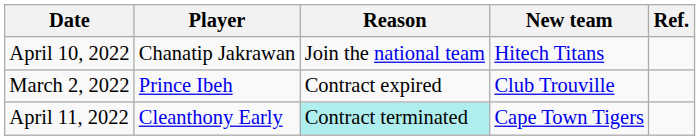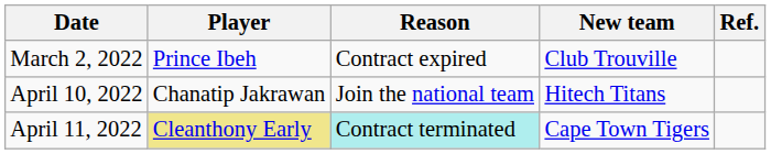 <table class="wikitable">
 <tr>
 <th>Date</th>
 <th>Player</th>
 <th>Reason</th>
 <th>New team</th>
 <th>Ref.</th>
 </tr>
 <tr>
+<td>March 2, 2022</td>
+<td><a href='#'>Prince Ibeh</a></td>
+<td>Contract expired</td>
+<td> <a href='#'>Club Trouville</a></td>
+<td></td>
+</tr>
+<tr>
 <td>April 10, 2022</td>
 <td>Chanatip Jakrawan</td>
 <td>Join the <a href='#'>national team</a></td>
 <td> <a href='#'>Hitech Titans</a></td>
 <td></td>
 </tr>
 <tr>
-<td>March 2, 2022</td>
-<td><a href='#'>Prince Ibeh</a></td>
-<td>Contract expired</td>
-<td> <a href='#'>Club Trouville</a></td>
-<td></td>
-</tr>
-<tr>
 <td>April 11, 2022</td>
-<td><a href='#'>Cleanthony Early</a></td>
+<td style="background: khaki;"><a href='#'>Cleanthony Early</a></td>
 <td style="background: paleturquoise;">Contract terminated</td>
 <td> <a href='#'>Cape Town Tigers</a></td>
 <td></td>
 </tr>
 </table>
